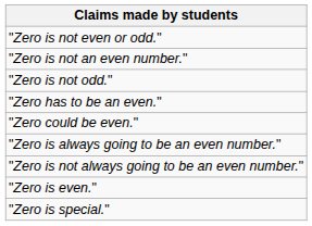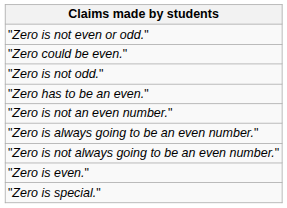 <table class="wikitable" style="margin:0.5em 0 1.3em 1.4em; float:right">
 <tr>
 <th>Claims made by students</th>
 </tr>
 <tr>
 <td>"<em>Zero is not even or odd.</em>"</td>
 </tr>
 <tr>
-<td>"<em>Zero is not an even number.</em>"</td>
+<td>"<em>Zero could be even.</em>"</td>
 </tr>
 <tr>
 <td>"<em>Zero is not odd.</em>"</td>
 </tr>
 <tr>
 <td>"<em>Zero has to be an even.</em>"</td>
 </tr>
 <tr>
-<td>"<em>Zero could be even.</em>"</td>
+<td>"<em>Zero is not an even number.</em>"</td>
 </tr>
 <tr>
 <td>"<em>Zero is always going to be an even number.</em>"</td>
 </tr>
 <tr>
 <td>"<em>Zero is not always going to be an even number.</em>"</td>
 </tr>
 <tr>
 <td>"<em>Zero is even.</em>"</td>
 </tr>
 <tr>
 <td>"<em>Zero is special.</em>"</td>
 </tr>
 </table>
